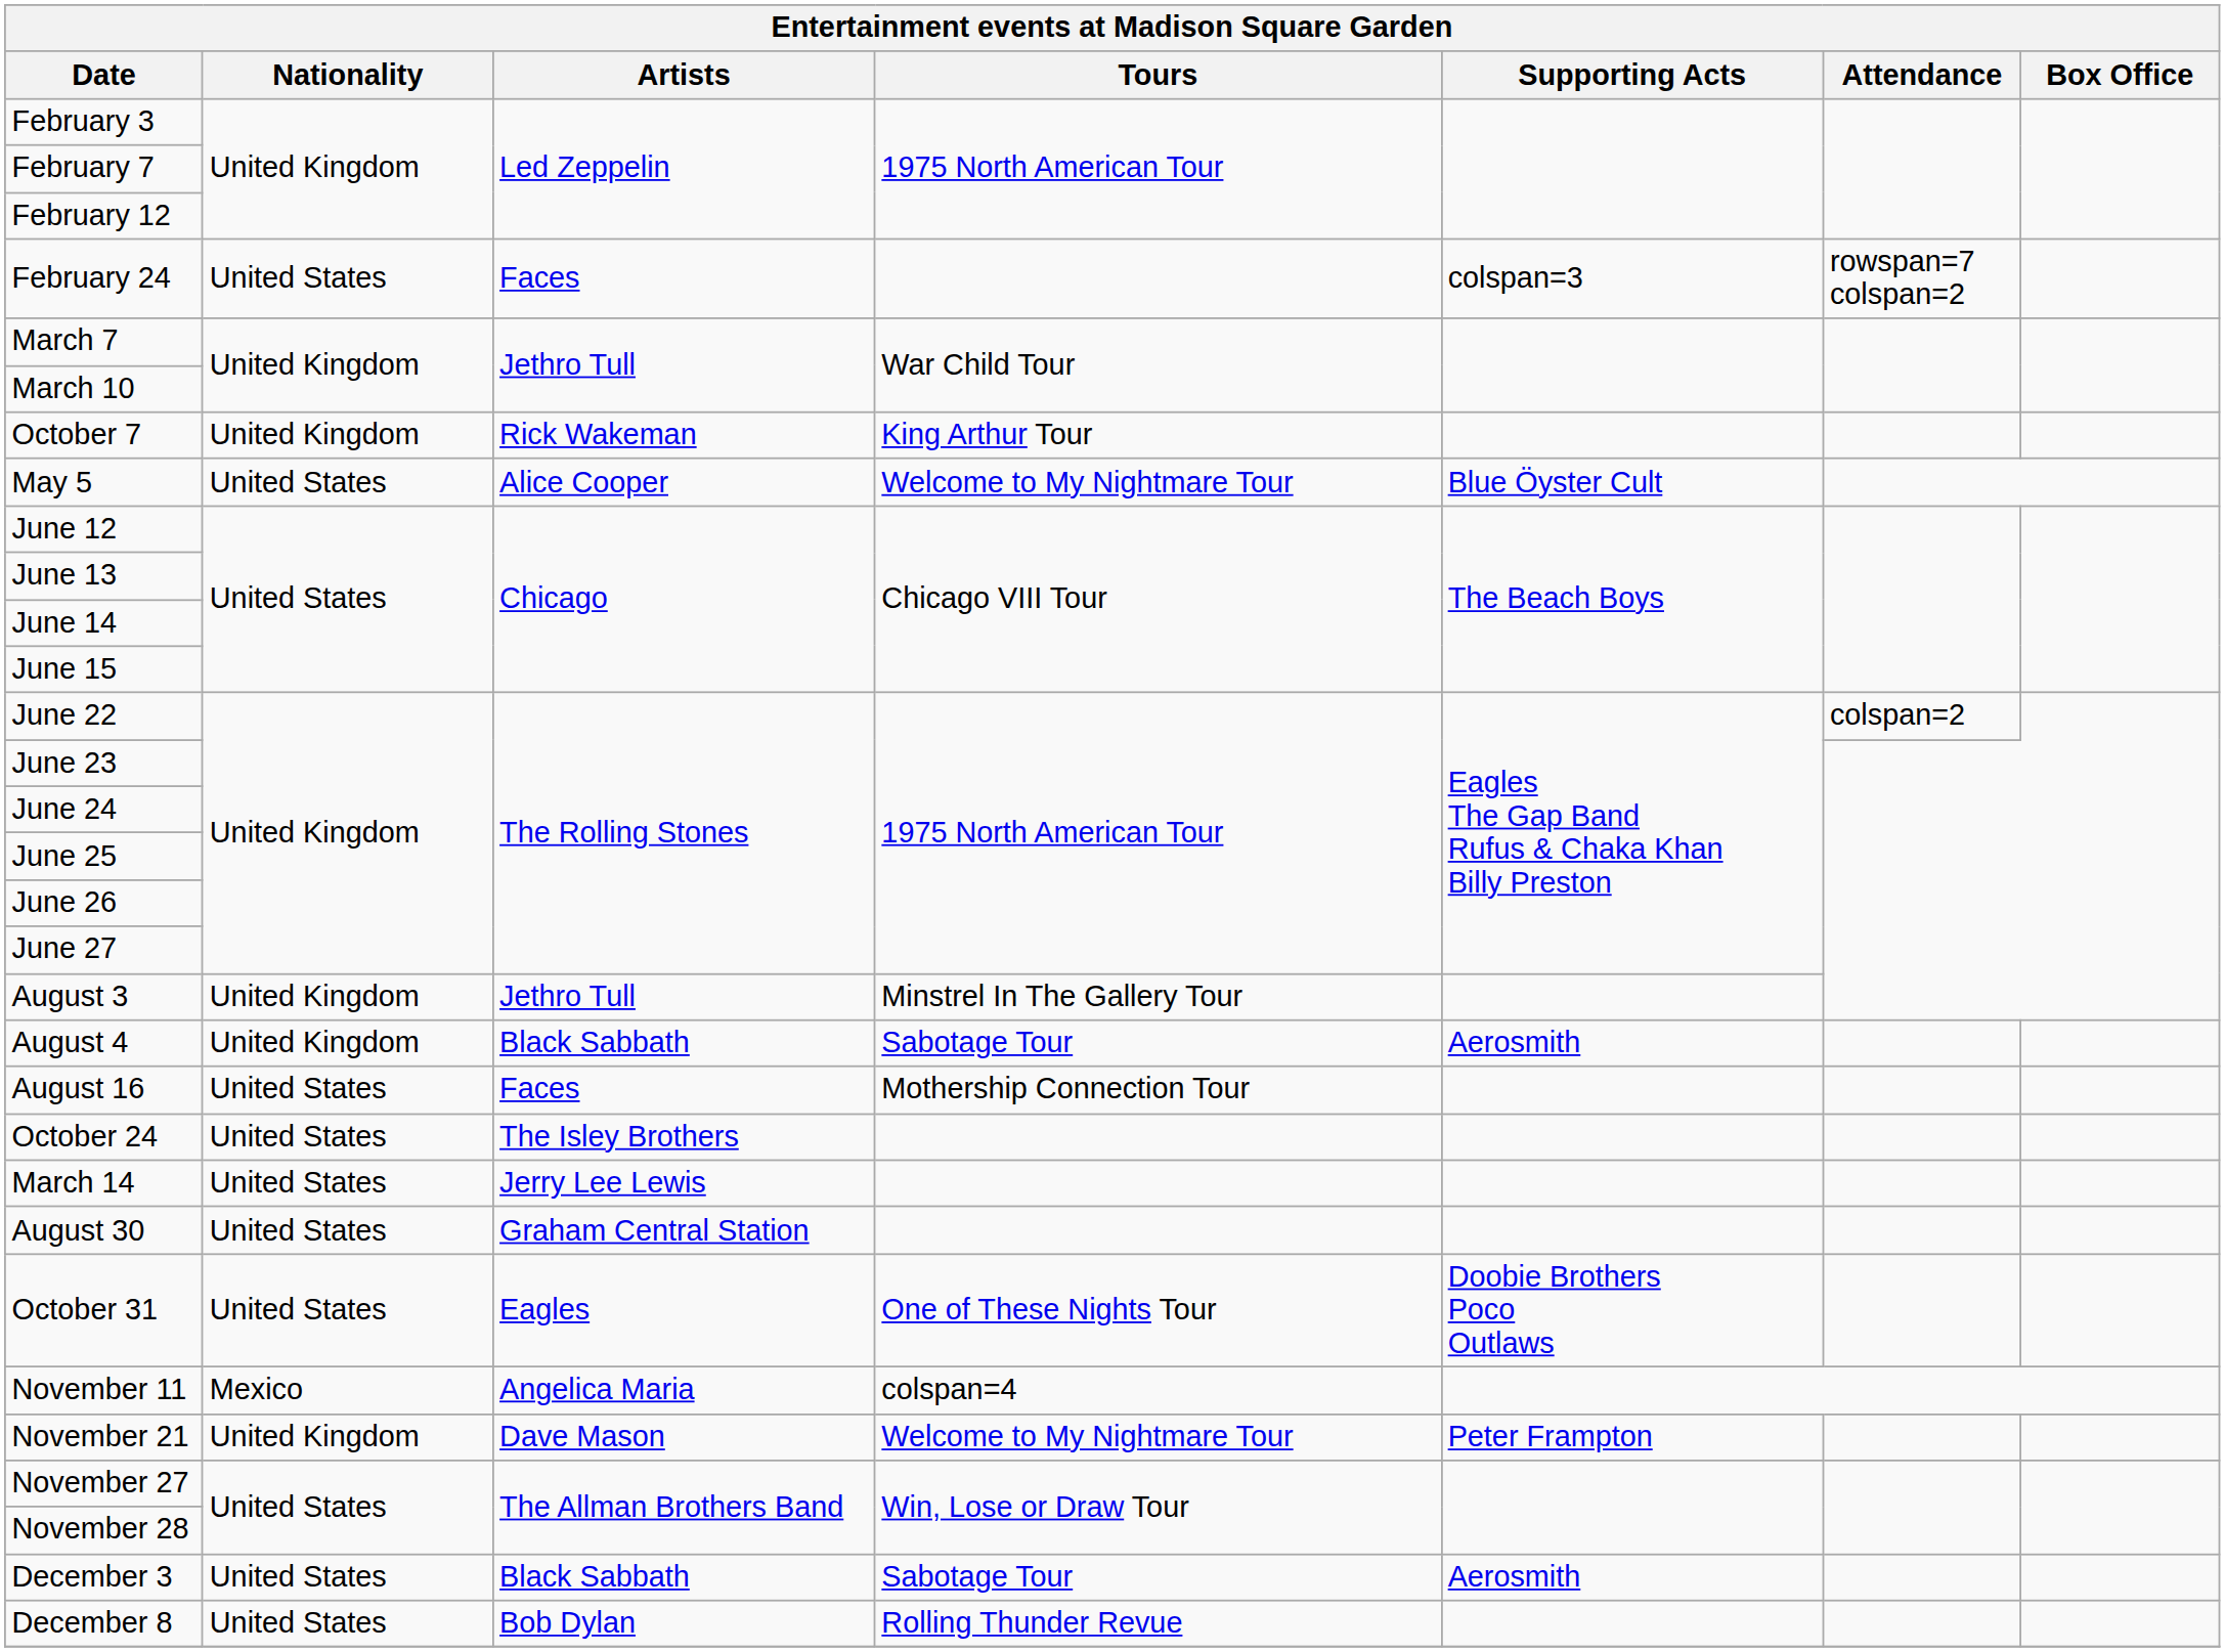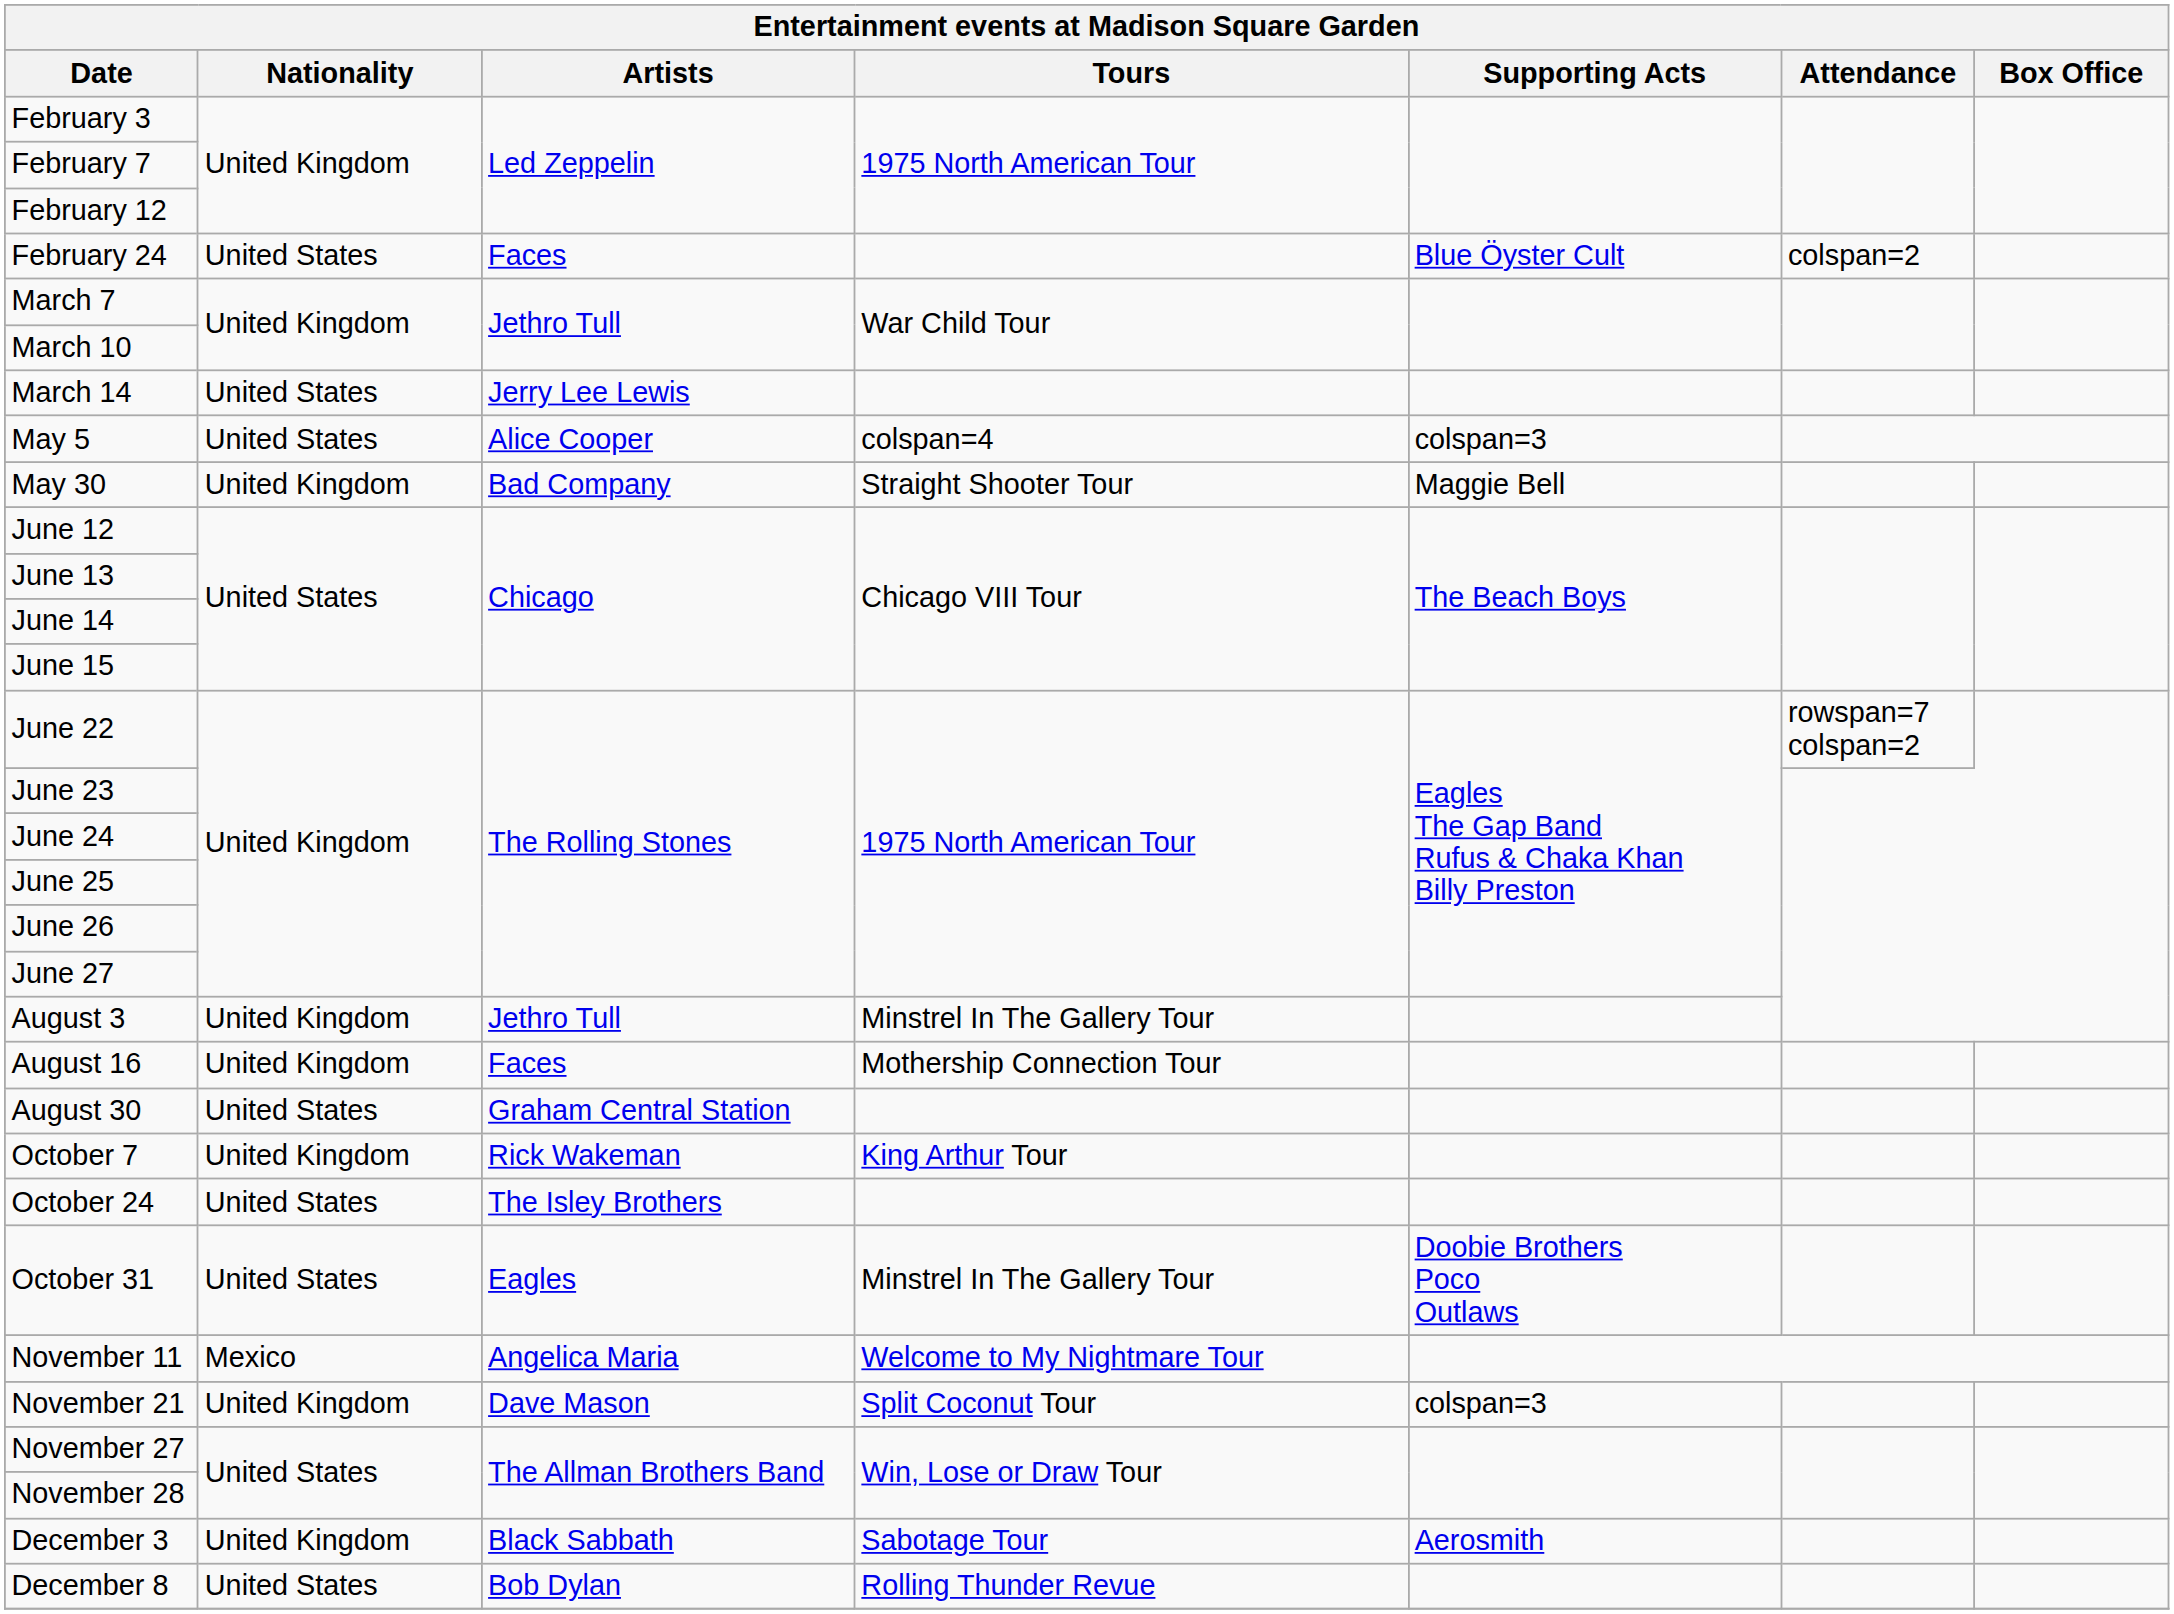 <table class="wikitable">
 <tr>
 <th colspan="7">Entertainment events at Madison Square Garden</th>
 </tr>
 <tr>
 <th width=100>Date</th>
 <th width=150>Nationality</th>
 <th width=200>Artists</th>
 <th width=300>Tours</th>
 <th width=200>Supporting Acts</th>
 <th width=100>Attendance</th>
 <th width=100>Box Office</th>
 </tr>
 <tr>
 <td>February 3</td>
 <td rowspan="3">United Kingdom</td>
 <td rowspan="3"><a href='#'>Led Zeppelin</a></td>
 <td rowspan="3"><a href='#'>1975 North American Tour</a></td>
 <td rowspan="3"></td>
 <td rowspan="3"></td>
 <td rowspan="3"></td>
 </tr>
 <tr>
 <td>February 7</td>
 </tr>
 <tr>
 <td>February 12</td>
 </tr>
 <tr>
 <td>February 24</td>
 <td>United States</td>
 <td><a href='#'>Faces</a></td>
 <td></td>
-<td>colspan=3 </td>
-<td>rowspan=7 colspan=2 </td>
+<td><a href='#'>Blue Öyster Cult</a></td>
+<td>colspan=2 </td>
 </tr>
 <tr>
 <td>March 7</td>
 <td rowspan="2">United Kingdom</td>
 <td rowspan="2"><a href='#'>Jethro Tull</a></td>
 <td rowspan="2">War Child Tour</td>
 <td rowspan="2"></td>
 <td rowspan="2"></td>
 <td rowspan="2"></td>
 </tr>
 <tr>
 <td>March 10</td>
 </tr>
 <tr>
-<td>October 7</td>
-<td>United Kingdom</td>
-<td><a href='#'>Rick Wakeman</a></td>
-<td><a href='#'>King Arthur</a> Tour</td>
+<td>March 14</td>
+<td>United States</td>
+<td><a href='#'>Jerry Lee Lewis</a></td>
+<td></td>
 <td></td>
 <td></td>
 <td></td>
 </tr>
 <tr>
 <td>May 5</td>
 <td>United States</td>
 <td><a href='#'>Alice Cooper</a></td>
-<td><a href='#'>Welcome to My Nightmare Tour</a></td>
-<td><a href='#'>Blue Öyster Cult</a></td>
+<td>colspan=4 </td>
+<td>colspan=3 </td>
+</tr>
+<tr>
+<td>May 30</td>
+<td>United Kingdom</td>
+<td><a href='#'>Bad Company</a></td>
+<td>Straight Shooter Tour</td>
+<td>Maggie Bell</td>
+<td></td>
+<td></td>
 </tr>
 <tr>
 <td>June 12</td>
 <td rowspan="4">United States</td>
 <td rowspan="4"><a href='#'>Chicago</a></td>
 <td rowspan="4">Chicago VIII Tour</td>
 <td rowspan="4"><a href='#'>The Beach Boys</a></td>
 <td rowspan="4"></td>
 <td rowspan="4"></td>
 </tr>
 <tr>
 <td>June 13</td>
 </tr>
 <tr>
 <td>June 14</td>
 </tr>
 <tr>
 <td>June 15</td>
 </tr>
 <tr>
 <td>June 22</td>
 <td rowspan="6">United Kingdom</td>
 <td rowspan="6"><a href='#'>The Rolling Stones</a></td>
 <td rowspan="6"><a href='#'>1975 North American Tour</a></td>
 <td rowspan=6><a href='#'>Eagles</a><br><a href='#'>The Gap Band</a><br><a href='#'>Rufus & Chaka Khan</a><br><a href='#'>Billy Preston</a></td>
-<td>colspan=2 </td>
+<td>rowspan=7 colspan=2 </td>
 </tr>
 <tr>
 <td>June 23</td>
 </tr>
 <tr>
 <td>June 24</td>
 </tr>
 <tr>
 <td>June 25</td>
 </tr>
 <tr>
 <td>June 26</td>
 </tr>
 <tr>
 <td>June 27</td>
 </tr>
 <tr>
 <td>August 3</td>
 <td>United Kingdom</td>
 <td><a href='#'>Jethro Tull</a></td>
 <td>Minstrel In The Gallery Tour</td>
 <td></td>
 </tr>
 <tr>
-<td>August 4</td>
+<td>August 16</td>
 <td>United Kingdom</td>
-<td><a href='#'>Black Sabbath</a></td>
-<td><a href='#'>Sabotage Tour</a></td>
-<td><a href='#'>Aerosmith</a></td>
+<td><a href='#'>Faces</a></td>
+<td>Mothership Connection Tour</td>
+<td></td>
 <td></td>
 <td></td>
 </tr>
 <tr>
-<td>August 16</td>
+<td>August 30</td>
 <td>United States</td>
-<td><a href='#'>Faces</a></td>
-<td>Mothership Connection Tour</td>
+<td><a href='#'>Graham Central Station</a></td>
+<td></td>
+<td></td>
+<td></td>
+<td></td>
+</tr>
+<tr>
+<td>October 7</td>
+<td>United Kingdom</td>
+<td><a href='#'>Rick Wakeman</a></td>
+<td><a href='#'>King Arthur</a> Tour</td>
 <td></td>
 <td></td>
 <td></td>
 </tr>
 <tr>
 <td>October 24</td>
 <td>United States</td>
 <td><a href='#'>The Isley Brothers</a></td>
 <td></td>
 <td></td>
 <td></td>
 <td></td>
 </tr>
 <tr>
-<td>March 14</td>
-<td>United States</td>
-<td><a href='#'>Jerry Lee Lewis</a></td>
-<td></td>
-<td></td>
-<td></td>
-<td></td>
-</tr>
-<tr>
-<td>August 30</td>
-<td>United States</td>
-<td><a href='#'>Graham Central Station</a></td>
-<td></td>
-<td></td>
-<td></td>
-<td></td>
-</tr>
-<tr>
 <td>October 31</td>
 <td>United States</td>
 <td><a href='#'>Eagles</a></td>
-<td><a href='#'>One of These Nights</a> Tour</td>
+<td>Minstrel In The Gallery Tour</td>
 <td><a href='#'>Doobie Brothers</a><br><a href='#'>Poco</a><br><a href='#'>Outlaws</a></td>
 <td></td>
 <td></td>
 </tr>
 <tr>
 <td>November 11</td>
 <td>Mexico</td>
 <td><a href='#'>Angelica Maria</a></td>
-<td>colspan=4 </td>
+<td><a href='#'>Welcome to My Nightmare Tour</a></td>
 </tr>
 <tr>
 <td>November 21</td>
 <td>United Kingdom</td>
 <td><a href='#'>Dave Mason</a></td>
-<td><a href='#'>Welcome to My Nightmare Tour</a></td>
-<td><a href='#'>Peter Frampton</a></td>
+<td><a href='#'>Split Coconut</a> Tour</td>
+<td>colspan=3 </td>
 <td></td>
 <td></td>
 </tr>
 <tr>
 <td>November 27</td>
 <td rowspan="2">United States</td>
 <td rowspan="2"><a href='#'>The Allman Brothers Band</a></td>
 <td rowspan="2"><a href='#'>Win, Lose or Draw</a> Tour</td>
 <td rowspan="2"></td>
 <td rowspan="2"></td>
 <td rowspan="2"></td>
 </tr>
 <tr>
 <td>November 28</td>
 </tr>
 <tr>
 <td>December 3</td>
-<td>United States</td>
+<td>United Kingdom</td>
 <td><a href='#'>Black Sabbath</a></td>
 <td><a href='#'>Sabotage Tour</a></td>
 <td><a href='#'>Aerosmith</a></td>
 <td></td>
 <td></td>
 </tr>
 <tr>
 <td>December 8</td>
 <td>United States</td>
 <td><a href='#'>Bob Dylan</a></td>
 <td><a href='#'>Rolling Thunder Revue</a></td>
 <td></td>
 <td></td>
 <td></td>
 </tr>
 <tr>
 </tr>
 </table>
